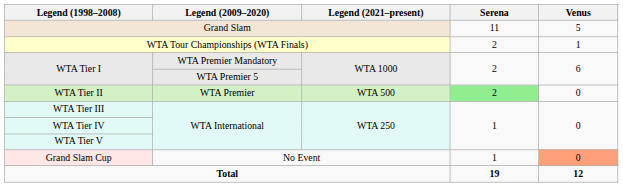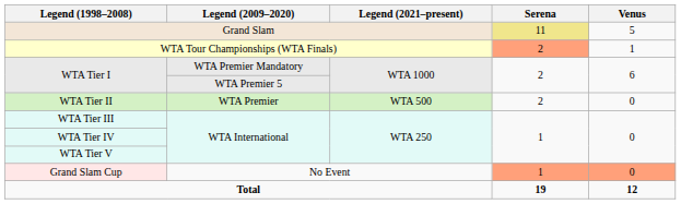 <table class=wikitable style="font-size:85%;width:43%;vertical-align:top;text-align:center">
 <tr>
 <th width=200>Legend (1998–2008)</th>
 <th width=200>Legend (2009–2020)</th>
 <th width=200>Legend (2021–present)</th>
 <th>Serena</th>
 <th>Venus</th>
 </tr>
 <tr>
 <td bgcolor=f3e6d7 colspan="3">Grand Slam</td>
-<td>11</td>
+<td style="background: khaki;">11</td>
 <td>5</td>
 </tr>
 <tr>
 <td bgcolor=#ffc colspan="3">WTA Tour Championships (WTA Finals)</td>
-<td>2</td>
+<td style="background: lightsalmon;">2</td>
 <td>1</td>
 </tr>
 <tr>
 <td bgcolor=e9e9e9 rowspan=2>WTA Tier I</td>
 <td bgcolor=e9e9e9>WTA Premier Mandatory</td>
 <td bgcolor=e9e9e9 rowspan=2>WTA 1000</td>
 <td rowspan=2>2</td>
 <td rowspan=2>6</td>
 </tr>
 <tr>
 <td bgcolor=e9e9e9>WTA Premier 5</td>
 </tr>
 <tr>
 <td bgcolor=d4f1c5>WTA Tier II</td>
 <td bgcolor=d4f1c5>WTA Premier</td>
 <td bgcolor=d4f1c5>WTA 500</td>
-<td style="background: lightgreen;">2</td>
+<td>2</td>
 <td>0</td>
 </tr>
 <tr>
 <td bgcolor=e2faf7>WTA Tier III</td>
 <td bgcolor=e2faf7 rowspan=3>WTA International</td>
 <td bgcolor=e2faf7 rowspan=3>WTA 250</td>
 <td rowspan=3>1</td>
 <td rowspan=3>0</td>
 </tr>
 <tr>
 <td bgcolor=e2faf7>WTA Tier IV</td>
 </tr>
 <tr>
 <td bgcolor=e2faf7>WTA Tier V</td>
 </tr>
 <tr>
 <td bgcolor=ffe7e7>Grand Slam Cup</td>
 <td colspan=2>No Event</td>
-<td>1</td>
+<td style="background: lightsalmon;">1</td>
 <td style="background: lightsalmon;">0</td>
 </tr>
 <tr>
 <td colspan=3><strong>Total</strong></td>
 <td><strong>19</strong></td>
 <td><strong>12</strong></td>
 </tr>
 </table>
